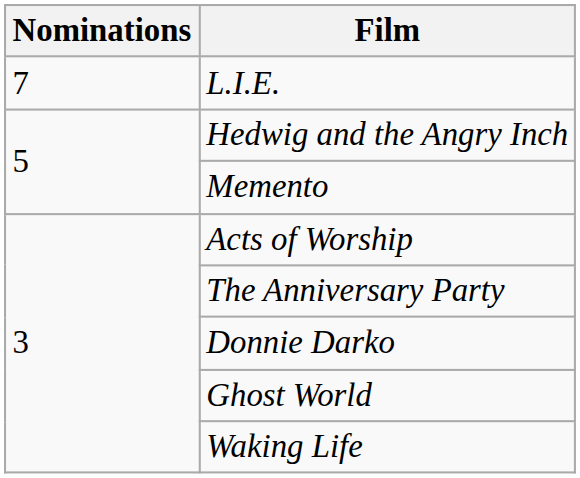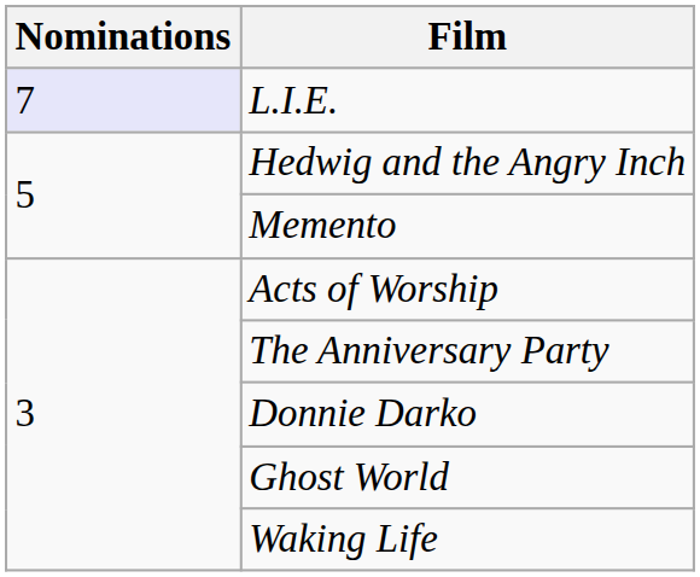 <table class="wikitable">
 <tr>
 <th>Nominations</th>
 <th>Film</th>
 </tr>
 <tr>
-<td>7</td>
+<td style="background: lavender;">7</td>
 <td><em>L.I.E.</em></td>
 </tr>
 <tr>
 <td rowspan="2" 2>5</td>
 <td><em>Hedwig and the Angry Inch</em></td>
 </tr>
 <tr>
 <td><em>Memento</em></td>
 </tr>
 <tr>
 <td rowspan="5" 5>3</td>
 <td><em>Acts of Worship</em></td>
 </tr>
 <tr>
 <td><em>The Anniversary Party</em></td>
 </tr>
 <tr>
 <td><em>Donnie Darko</em></td>
 </tr>
 <tr>
 <td><em>Ghost World</em></td>
 </tr>
 <tr>
 <td><em>Waking Life</em></td>
 </tr>
 </table>
